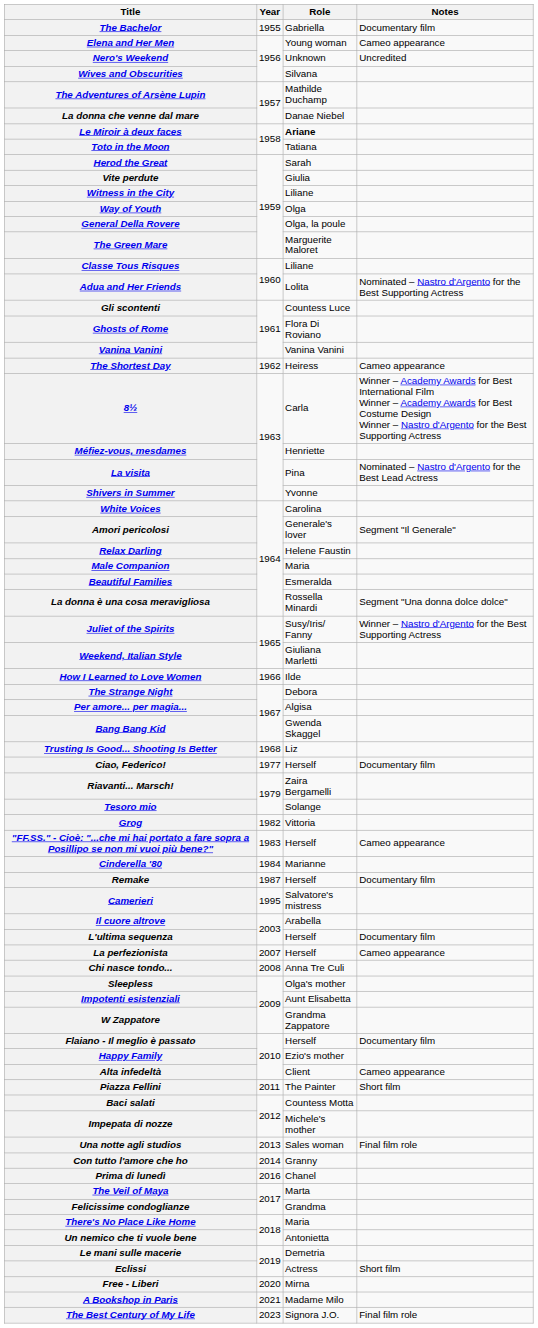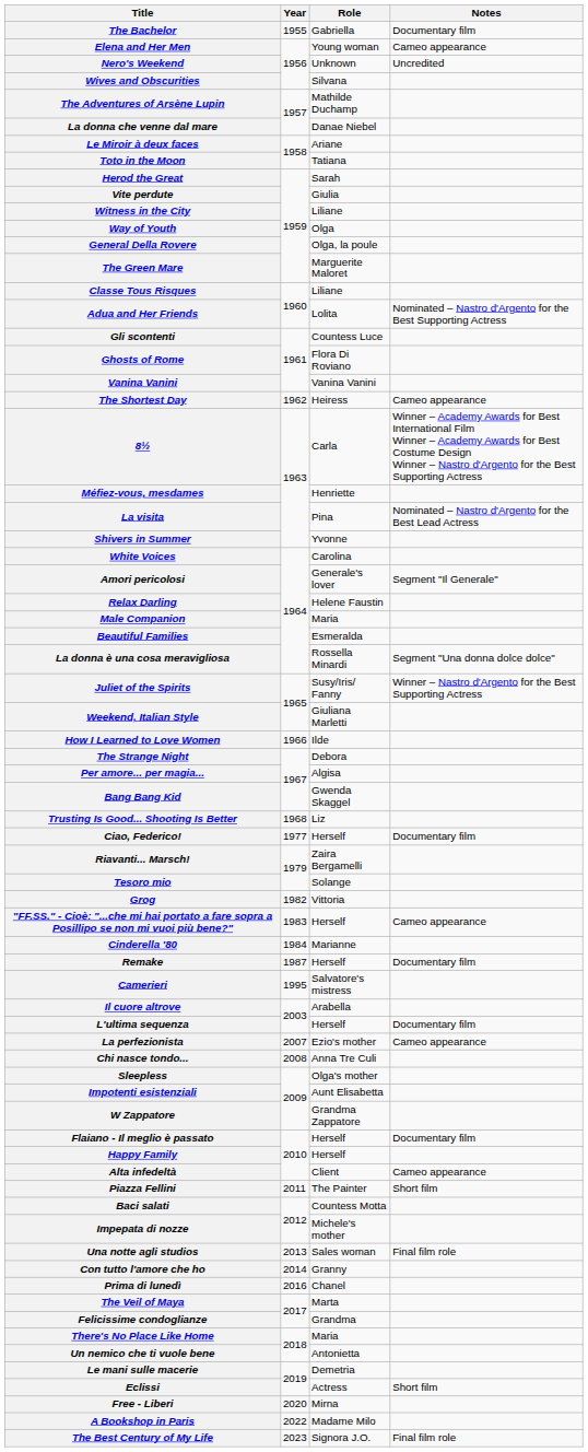 <table class="wikitable plainrowheaders" style="text-align:left;">
 <tr>
 <th style="text-align:center">Title</th>
 <th style="text-align:center">Year</th>
 <th style="text-align:center">Role</th>
 <th style="text-align:center">Notes</th>
 </tr>
 <tr>
 <th scope="row"><em><a href='#'>The Bachelor</a></em></th>
 <td>1955</td>
 <td>Gabriella</td>
 <td>Documentary film</td>
 </tr>
 <tr>
 <th scope="row"><em><a href='#'>Elena and Her Men</a></em></th>
 <td rowspan="3">1956</td>
 <td>Young woman</td>
 <td>Cameo appearance</td>
 </tr>
 <tr>
 <th scope="row"><em><a href='#'>Nero's Weekend</a></em></th>
 <td>Unknown</td>
 <td>Uncredited</td>
 </tr>
 <tr>
 <th scope="row"><em><a href='#'>Wives and Obscurities</a></em></th>
 <td>Silvana</td>
 <td></td>
 </tr>
 <tr>
 <th scope="row"><em><a href='#'>The Adventures of Arsène Lupin</a></em></th>
 <td rowspan="2">1957</td>
 <td>Mathilde Duchamp</td>
 <td></td>
 </tr>
 <tr>
 <th scope="row"><em>La donna che venne dal mare</em></th>
 <td>Danae Niebel</td>
 <td></td>
 </tr>
 <tr>
 <th scope="row"><em><a href='#'>Le Miroir à deux faces</a></em></th>
 <td rowspan="2">1958</td>
-<td><strong>Ariane</strong></td>
+<td>Ariane</td>
 <td></td>
 </tr>
 <tr>
 <th scope="row"><em><a href='#'>Toto in the Moon</a></em></th>
 <td>Tatiana</td>
 <td></td>
 </tr>
 <tr>
 <th scope="row"><em><a href='#'>Herod the Great</a></em></th>
 <td rowspan="6">1959</td>
 <td>Sarah</td>
 <td></td>
 </tr>
 <tr>
 <th scope="row"><em>Vite perdute</em></th>
 <td>Giulia</td>
 <td></td>
 </tr>
 <tr>
 <th scope="row"><em><a href='#'>Witness in the City</a></em></th>
 <td>Liliane</td>
 <td></td>
 </tr>
 <tr>
 <th scope="row"><em><a href='#'>Way of Youth</a></em></th>
 <td>Olga</td>
 <td></td>
 </tr>
 <tr>
 <th scope="row"><em><a href='#'>General Della Rovere</a></em></th>
 <td>Olga, la poule</td>
 <td></td>
 </tr>
 <tr>
 <th scope="row"><em><a href='#'>The Green Mare</a></em></th>
 <td>Marguerite Maloret</td>
 <td></td>
 </tr>
 <tr>
 <th scope="row"><em><a href='#'>Classe Tous Risques</a></em></th>
 <td rowspan="2">1960</td>
 <td>Liliane</td>
 <td></td>
 </tr>
 <tr>
 <th scope="row"><em><a href='#'>Adua and Her Friends</a></em></th>
 <td>Lolita</td>
 <td>Nominated – <a href='#'>Nastro d'Argento</a> for the Best Supporting Actress</td>
 </tr>
 <tr>
 <th scope="row"><em>Gli scontenti</em></th>
 <td rowspan="3">1961</td>
 <td>Countess Luce</td>
 <td></td>
 </tr>
 <tr>
 <th scope="row"><em><a href='#'>Ghosts of Rome</a></em></th>
 <td>Flora Di Roviano</td>
 <td></td>
 </tr>
 <tr>
 <th scope="row"><em><a href='#'>Vanina Vanini</a></em></th>
 <td>Vanina Vanini</td>
 <td></td>
 </tr>
 <tr>
 <th scope="row"><em><a href='#'>The Shortest Day</a></em></th>
 <td>1962</td>
 <td>Heiress</td>
 <td>Cameo appearance</td>
 </tr>
 <tr>
 <th scope="row"><em><a href='#'>8½</a></em></th>
 <td rowspan="4">1963</td>
 <td>Carla</td>
 <td>Winner – <a href='#'>Academy Awards</a> for Best International Film <br> Winner – <a href='#'>Academy Awards</a> for Best Costume Design <br> Winner – <a href='#'>Nastro d'Argento</a> for the Best Supporting Actress</td>
 </tr>
 <tr>
 <th scope="row"><em><a href='#'>Méfiez-vous, mesdames</a></em></th>
 <td>Henriette</td>
 <td></td>
 </tr>
 <tr>
 <th scope="row"><em><a href='#'>La visita</a></em></th>
 <td>Pina</td>
 <td>Nominated – <a href='#'>Nastro d'Argento</a> for the Best Lead Actress</td>
 </tr>
 <tr>
 <th scope="row"><em><a href='#'>Shivers in Summer</a></em></th>
 <td>Yvonne</td>
 <td></td>
 </tr>
 <tr>
 <th scope="row"><em><a href='#'>White Voices</a></em></th>
 <td rowspan="6">1964</td>
 <td>Carolina</td>
 <td></td>
 </tr>
 <tr>
 <th scope="row"><em>Amori pericolosi</em></th>
 <td>Generale's lover</td>
 <td>Segment "Il Generale"</td>
 </tr>
 <tr>
 <th scope="row"><em><a href='#'>Relax Darling</a></em></th>
 <td>Helene Faustin</td>
 <td></td>
 </tr>
 <tr>
 <th scope="row"><em><a href='#'>Male Companion</a></em></th>
 <td>Maria</td>
 <td></td>
 </tr>
 <tr>
 <th scope="row"><em><a href='#'>Beautiful Families</a></em></th>
 <td>Esmeralda</td>
 <td></td>
 </tr>
 <tr>
 <th scope="row"><em>La donna è una cosa meravigliosa</em></th>
 <td>Rossella Minardi</td>
 <td>Segment "Una donna dolce dolce"</td>
 </tr>
 <tr>
 <th scope="row"><em><a href='#'>Juliet of the Spirits</a></em></th>
 <td rowspan="2">1965</td>
 <td>Susy/Iris/ Fanny</td>
 <td>Winner – <a href='#'>Nastro d'Argento</a> for the Best Supporting Actress</td>
 </tr>
 <tr>
 <th scope="row"><em><a href='#'>Weekend, Italian Style</a></em></th>
 <td>Giuliana Marletti</td>
 <td></td>
 </tr>
 <tr>
 <th scope="row"><em><a href='#'>How I Learned to Love Women</a></em></th>
 <td>1966</td>
 <td>Ilde</td>
 <td></td>
 </tr>
 <tr>
 <th scope="row"><em><a href='#'>The Strange Night</a></em></th>
 <td rowspan="3">1967</td>
 <td>Debora</td>
 <td></td>
 </tr>
 <tr>
 <th scope="row"><em><a href='#'>Per amore... per magia...</a></em></th>
 <td>Algisa</td>
 <td></td>
 </tr>
 <tr>
 <th scope="row"><em><a href='#'>Bang Bang Kid</a></em></th>
 <td>Gwenda Skaggel</td>
 <td></td>
 </tr>
 <tr>
 <th scope="row"><em><a href='#'>Trusting Is Good... Shooting Is Better</a></em></th>
 <td>1968</td>
 <td>Liz</td>
 <td></td>
 </tr>
 <tr>
 <th scope="row"><em>Ciao, Federico!</em></th>
 <td>1977</td>
 <td>Herself</td>
 <td>Documentary film</td>
 </tr>
 <tr>
 <th scope="row"><em>Riavanti... Marsch!</em></th>
 <td rowspan="2">1979</td>
 <td>Zaira Bergamelli</td>
 <td></td>
 </tr>
 <tr>
 <th scope="row"><em><a href='#'>Tesoro mio</a></em></th>
 <td>Solange</td>
 <td></td>
 </tr>
 <tr>
 <th scope="row"><em><a href='#'>Grog</a></em></th>
 <td>1982</td>
 <td>Vittoria</td>
 <td></td>
 </tr>
 <tr>
 <th scope="row"><em><a href='#'>"FF.SS." - Cioè: "...che mi hai portato a fare sopra a Posillipo se non mi vuoi più bene?"</a></em></th>
 <td>1983</td>
 <td>Herself</td>
 <td>Cameo appearance</td>
 </tr>
 <tr>
 <th scope="row"><em><a href='#'>Cinderella '80</a></em></th>
 <td>1984</td>
 <td>Marianne</td>
 <td></td>
 </tr>
 <tr>
 <th scope="row"><em>Remake</em></th>
 <td>1987</td>
 <td>Herself</td>
 <td>Documentary film</td>
 </tr>
 <tr>
 <th scope="row"><em><a href='#'>Camerieri</a></em></th>
 <td>1995</td>
 <td>Salvatore's mistress</td>
 <td></td>
 </tr>
 <tr>
 <th scope="row"><em><a href='#'>Il cuore altrove</a></em></th>
 <td rowspan="2">2003</td>
 <td>Arabella</td>
 <td></td>
 </tr>
 <tr>
 <th scope="row"><em>L'ultima sequenza</em></th>
 <td>Herself</td>
 <td>Documentary film</td>
 </tr>
 <tr>
 <th scope="row"><em>La perfezionista</em></th>
 <td>2007</td>
-<td>Herself</td>
+<td>Ezio's mother</td>
 <td>Cameo appearance</td>
 </tr>
 <tr>
 <th scope="row"><em>Chi nasce tondo...</em></th>
 <td>2008</td>
 <td>Anna Tre Culi</td>
 <td></td>
 </tr>
 <tr>
 <th scope="row"><em>Sleepless</em></th>
 <td rowspan="3">2009</td>
 <td>Olga's mother</td>
 <td></td>
 </tr>
 <tr>
 <th scope="row"><em><a href='#'>Impotenti esistenziali</a></em></th>
 <td>Aunt Elisabetta</td>
 <td></td>
 </tr>
 <tr>
 <th scope="row"><em>W Zappatore</em></th>
 <td>Grandma Zappatore</td>
 <td></td>
 </tr>
 <tr>
 <th scope="row"><em>Flaiano - Il meglio è passato</em></th>
 <td rowspan="3">2010</td>
 <td>Herself</td>
 <td>Documentary film</td>
 </tr>
 <tr>
 <th scope="row"><em><a href='#'>Happy Family</a></em></th>
-<td>Ezio's mother</td>
+<td>Herself</td>
 <td></td>
 </tr>
 <tr>
 <th scope="row"><em>Alta infedeltà</em></th>
 <td>Client</td>
 <td>Cameo appearance</td>
 </tr>
 <tr>
 <th scope="row"><em>Piazza Fellini</em></th>
 <td>2011</td>
 <td>The Painter</td>
 <td>Short film</td>
 </tr>
 <tr>
 <th scope="row"><em>Baci salati</em></th>
 <td rowspan="2">2012</td>
 <td>Countess Motta</td>
 <td></td>
 </tr>
 <tr>
 <th scope="row"><em>Impepata di nozze</em></th>
 <td>Michele's mother</td>
 <td></td>
 </tr>
 <tr>
 <th scope="row"><em>Una notte agli studios</em></th>
 <td>2013</td>
 <td>Sales woman</td>
 <td>Final film role</td>
 </tr>
 <tr>
 <th scope="row"><em>Con tutto l'amore che ho</em></th>
 <td>2014</td>
 <td>Granny</td>
 <td></td>
 </tr>
 <tr>
 <th scope="row"><em>Prima di lunedì</em></th>
 <td>2016</td>
 <td>Chanel</td>
 <td></td>
 </tr>
 <tr>
 <th scope="row"><em><a href='#'>The Veil of Maya</a></em></th>
 <td rowspan="2">2017</td>
 <td>Marta</td>
 <td></td>
 </tr>
 <tr>
 <th scope="row"><em>Felicissime condoglianze</em></th>
 <td>Grandma</td>
 <td></td>
 </tr>
 <tr>
 <th scope="row"><em><a href='#'>There's No Place Like Home</a></em></th>
 <td rowspan="2">2018</td>
 <td>Maria</td>
 <td></td>
 </tr>
 <tr>
 <th scope="row"><em>Un nemico che ti vuole bene</em></th>
 <td>Antonietta</td>
 <td></td>
 </tr>
 <tr>
 <th scope="row"><em>Le mani sulle macerie</em></th>
 <td rowspan="2">2019</td>
 <td>Demetria</td>
 <td></td>
 </tr>
 <tr>
 <th scope="row"><em>Eclissi</em></th>
 <td>Actress</td>
 <td>Short film</td>
 </tr>
 <tr>
 <th scope="row"><em>Free - Liberi</em></th>
 <td>2020</td>
 <td>Mirna</td>
 <td></td>
 </tr>
 <tr>
 <th scope="row"><em><a href='#'>A Bookshop in Paris</a></em></th>
-<td>2021</td>
+<td>2022</td>
 <td>Madame Milo</td>
 <td></td>
 </tr>
 <tr>
 <th scope="row"><em><a href='#'>The Best Century of My Life</a></em></th>
 <td>2023</td>
 <td>Signora J.O.</td>
 <td>Final film role</td>
 </tr>
 </table>
